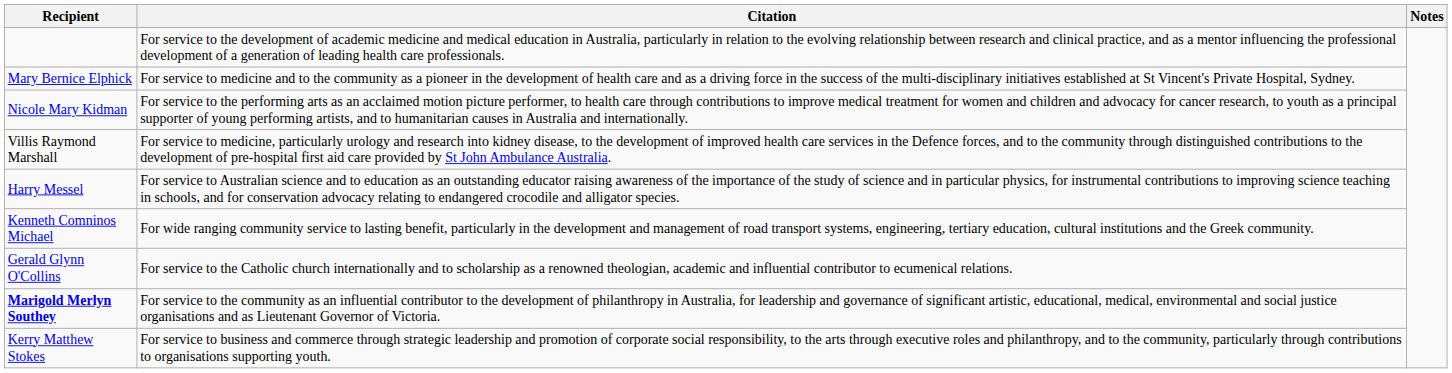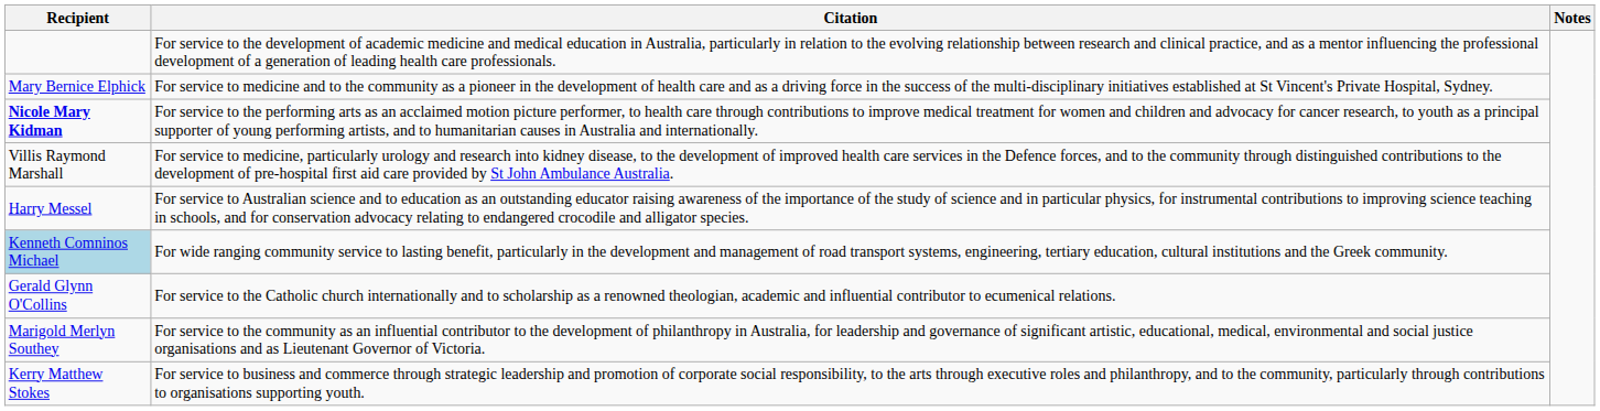 <table class="wikitable" style="font-size:95%;">
 <tr>
 <th>Recipient</th>
 <th>Citation</th>
 <th>Notes</th>
 </tr>
 <tr>
 <td></td>
 <td>For service to the development of academic medicine and medical education in Australia, particularly in relation to the evolving relationship between research and clinical practice, and as a mentor influencing the professional development of a generation of leading health care professionals.</td>
 <td rowspan=9></td>
 </tr>
 <tr>
 <td> <a href='#'>Mary Bernice Elphick</a> </td>
 <td>For service to medicine and to the community as a pioneer in the development of health care and as a driving force in the success of the multi-disciplinary initiatives established at St Vincent's Private Hospital, Sydney.</td>
 </tr>
 <tr>
-<td><a href='#'>Nicole Mary Kidman</a></td>
+<td><strong><a href='#'>Nicole Mary Kidman</a></strong></td>
 <td>For service to the performing arts as an acclaimed motion picture performer, to health care through contributions to improve medical treatment for women and children and advocacy for cancer research, to youth as a principal supporter of young performing artists, and to humanitarian causes in Australia and internationally.</td>
 </tr>
 <tr>
 <td> Villis Raymond Marshall</td>
 <td>For service to medicine, particularly urology and research into kidney disease, to the development of improved health care services in the Defence forces, and to the community through distinguished contributions to the development of pre-hospital first aid care provided by <a href='#'>St John Ambulance Australia</a>.</td>
 </tr>
 <tr>
 <td> <a href='#'>Harry Messel</a> </td>
 <td>For service to Australian science and to education as an outstanding educator raising awareness of the importance of the study of science and in particular physics, for instrumental contributions to improving science teaching in schools, and for conservation advocacy relating to endangered crocodile and alligator species.</td>
 </tr>
 <tr>
-<td> <a href='#'>Kenneth Comninos Michael</a> </td>
+<td style="background: lightblue;"> <a href='#'>Kenneth Comninos Michael</a> </td>
 <td>For wide ranging community service to lasting benefit, particularly in the development and management of road transport systems, engineering, tertiary education, cultural institutions and the Greek community.</td>
 </tr>
 <tr>
 <td> <a href='#'>Gerald Glynn O'Collins</a></td>
 <td>For service to the Catholic church internationally and to scholarship as a renowned theologian, academic and influential contributor to ecumenical relations.</td>
 </tr>
 <tr>
-<td><strong> <a href='#'>Marigold Merlyn Southey</a> </strong></td>
+<td> <a href='#'>Marigold Merlyn Southey</a> </td>
 <td>For service to the community as an influential contributor to the development of philanthropy in Australia, for leadership and governance of significant artistic, educational, medical, environmental and social justice organisations and as Lieutenant Governor of Victoria.</td>
 </tr>
 <tr>
 <td><a href='#'>Kerry Matthew Stokes</a></td>
 <td>For service to business and commerce through strategic leadership and promotion of corporate social responsibility, to the arts through executive roles and philanthropy, and to the community, particularly through contributions to organisations supporting youth.</td>
 </tr>
 </table>
